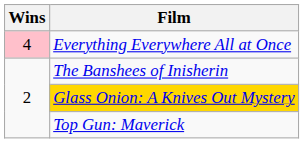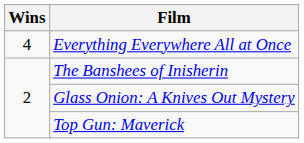 <table class="wikitable">
 <tr>
 <th>Wins</th>
 <th>Film</th>
 </tr>
 <tr>
-<td style="background: pink; text-align:center;">4</td>
+<td style="text-align:center;">4</td>
 <td><em><a href='#'>Everything Everywhere All at Once</a></em></td>
 </tr>
 <tr>
 <td rowspan="3" style="text-align:center;">2</td>
 <td><em><a href='#'>The Banshees of Inisherin</a></em></td>
 </tr>
 <tr>
-<td style="background: gold;"><em><a href='#'>Glass Onion: A Knives Out Mystery</a></em></td>
+<td><em><a href='#'>Glass Onion: A Knives Out Mystery</a></em></td>
 </tr>
 <tr>
 <td><em><a href='#'>Top Gun: Maverick</a></em></td>
 </tr>
 </table>
